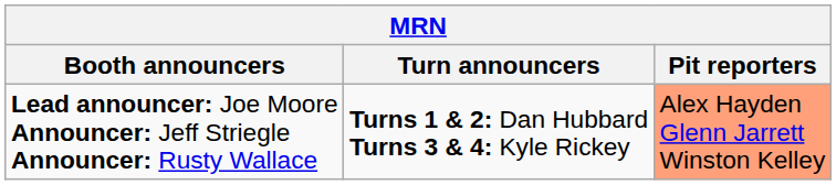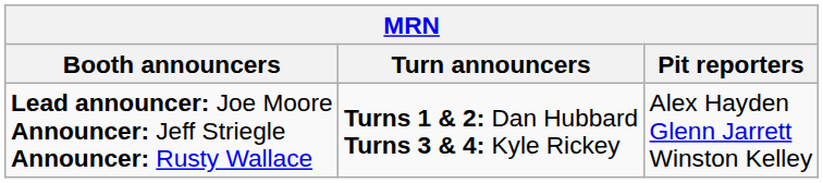 <table class="wikitable" style="font-size: 95%;">
 <tr>
 <th colspan="3"><a href='#'>MRN</a></th>
 </tr>
 <tr>
 <th>Booth announcers</th>
 <th>Turn announcers</th>
 <th>Pit reporters</th>
 </tr>
 <tr>
 <td><strong>Lead announcer:</strong> Joe Moore<br><strong>Announcer:</strong> Jeff Striegle<br><strong>Announcer:</strong> <a href='#'>Rusty Wallace</a></td>
 <td><strong>Turns 1 & 2:</strong> Dan Hubbard<br><strong>Turns 3 & 4:</strong> Kyle Rickey</td>
-<td style="background: lightsalmon;">Alex Hayden<br><a href='#'>Glenn Jarrett</a><br>Winston Kelley</td>
+<td>Alex Hayden<br><a href='#'>Glenn Jarrett</a><br>Winston Kelley</td>
 </tr>
 </table>
